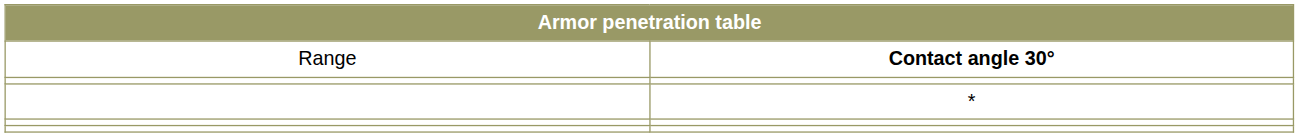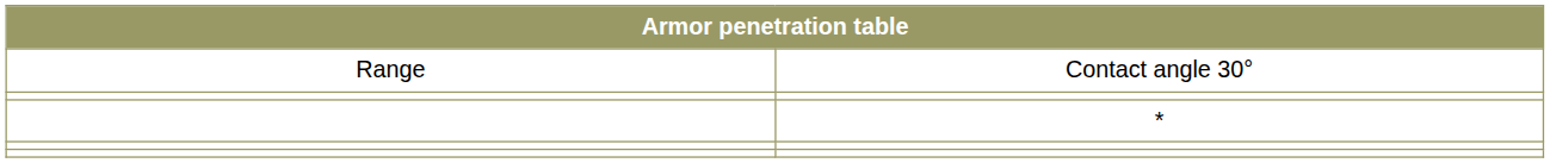 <table border=0 cellspacing=0 cellpadding=2 style="margin:0 0 .5em 1em; width:50%; background:#fff; border-collapse:collapse; border:1px solid #996; line-height:1.5; font-size:95%;">
 <tr style="vertical-align:top; text-align:center; border:1px solid #996; background-color:#996; color:#fff">
 <td colspan="2"><strong>Armor penetration table</strong></td>
 </tr>
 <tr style="vertical-align:top; text-align:center; border:1px solid #996;">
 <td width="33%"  style="border:1px solid #996">Range</td>
-<td width="33%"  style="border:1px solid #996"><strong>Contact angle 30°</strong></td>
+<td width="33%"  style="border:1px solid #996">Contact angle 30°</td>
 </tr>
 <tr style="vertical-align:top; text-align:center;">
 <td style="border:1px solid #996"></td>
 <td style="border:1px solid #996"></td>
 </tr>
 <tr style="vertical-align:top; text-align:center;">
 <td style="border:1px solid #996"></td>
 <td style="border:1px solid #996">*</td>
 </tr>
 <tr style="vertical-align:top; text-align:center;">
 <td style="border:1px solid #996"></td>
 <td style="border:1px solid #996"></td>
 </tr>
 <tr style="vertical-align:top; text-align:center;">
 <td style="border:1px solid #996"></td>
 <td style="border:1px solid #996"></td>
 </tr>
 </table>
